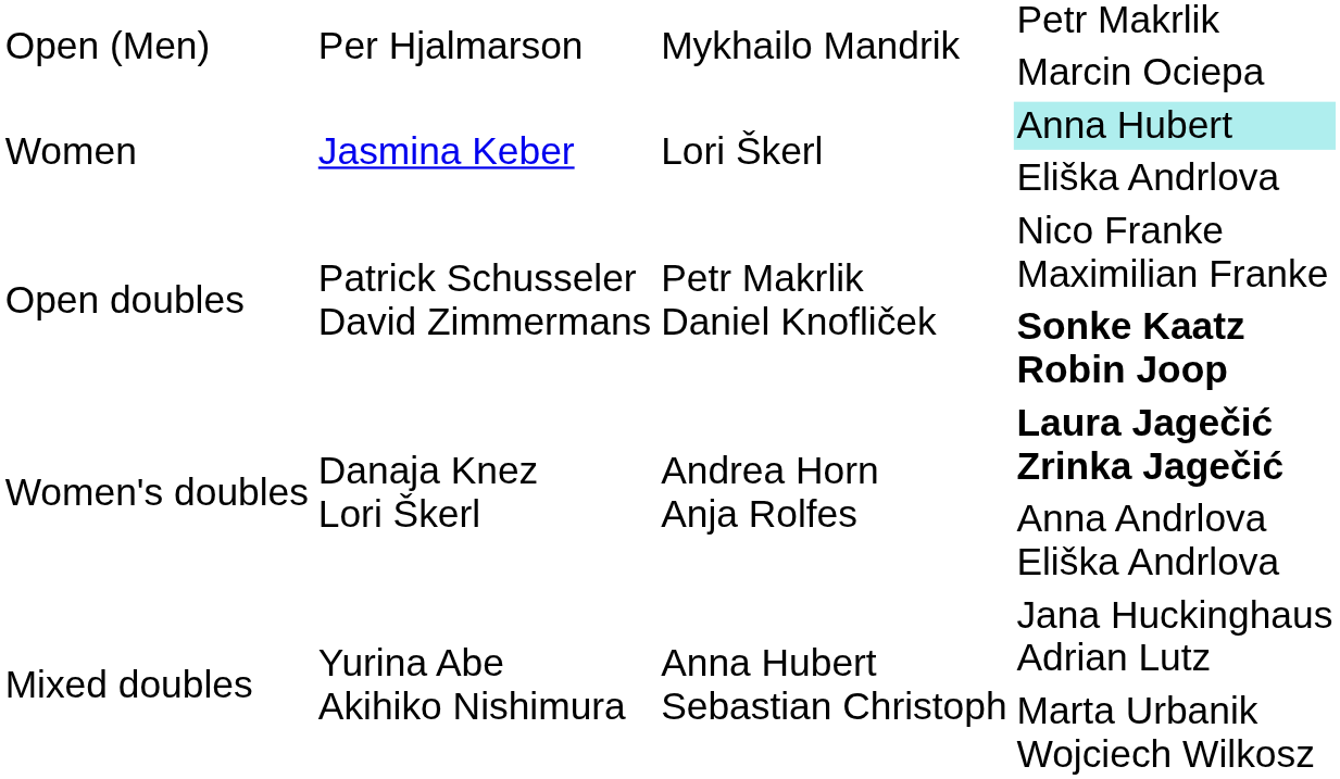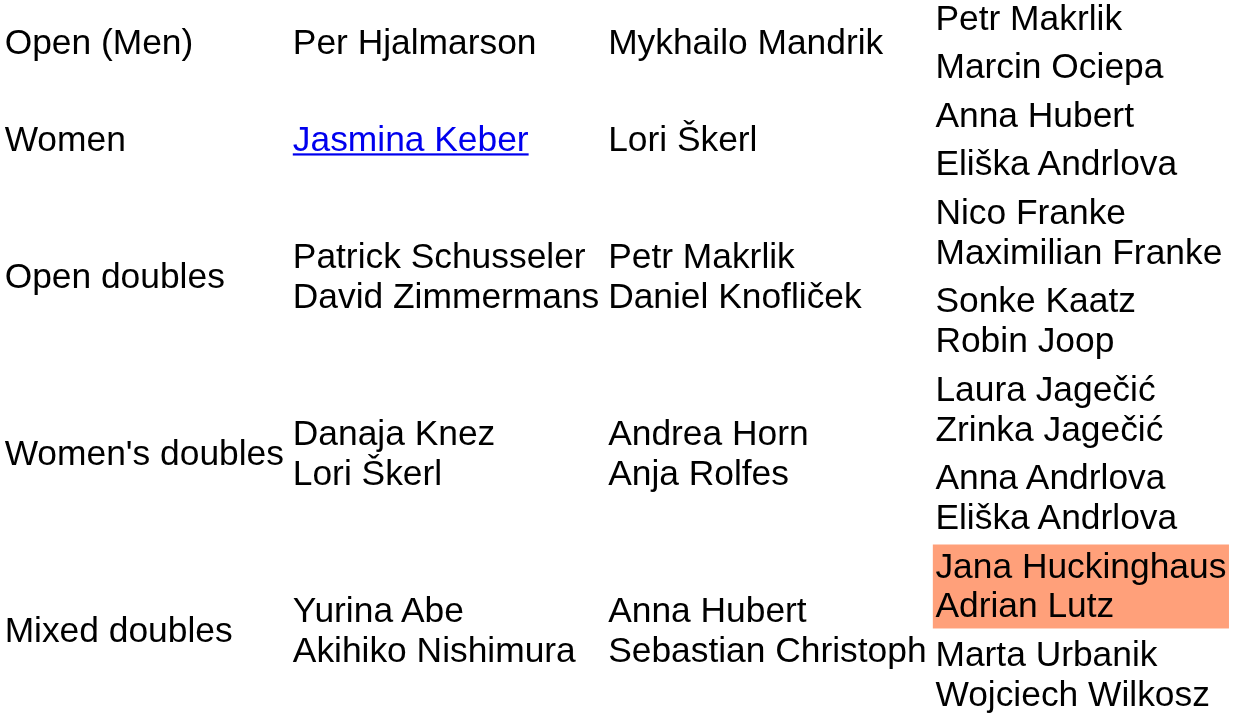 <table>
 <tr>
 <td rowspan="2">Open (Men)<br></td>
 <td rowspan="2"> Per Hjalmarson</td>
 <td rowspan="2"> Mykhailo Mandrik</td>
 <td> Petr Makrlik</td>
 </tr>
 <tr>
 <td> Marcin Ociepa</td>
 </tr>
 <tr>
 <td rowspan="2">Women<br></td>
 <td rowspan="2"> <a href='#'>Jasmina Keber</a></td>
 <td rowspan="2"> Lori Škerl</td>
-<td style="background: paleturquoise;"> Anna Hubert</td>
+<td> Anna Hubert</td>
 </tr>
 <tr>
 <td> Eliška Andrlova</td>
 </tr>
 <tr>
 <td rowspan="2">Open doubles<br></td>
 <td rowspan="2"> Patrick Schusseler<br> David Zimmermans</td>
 <td rowspan="2"> Petr Makrlik<br> Daniel Knofliček</td>
 <td> Nico Franke<br> Maximilian Franke</td>
 </tr>
 <tr>
-<td><strong> Sonke Kaatz<br> Robin Joop</strong></td>
+<td> Sonke Kaatz<br> Robin Joop</td>
 </tr>
 <tr>
 <td rowspan="2">Women's doubles<br></td>
 <td rowspan="2"> Danaja Knez<br> Lori Škerl</td>
 <td rowspan="2"> Andrea Horn<br> Anja Rolfes</td>
-<td><strong> Laura Jagečić<br> Zrinka Jagečić</strong></td>
+<td> Laura Jagečić<br> Zrinka Jagečić</td>
 </tr>
 <tr>
 <td> Anna Andrlova<br> Eliška Andrlova</td>
 </tr>
 <tr>
 <td rowspan="2">Mixed doubles<br></td>
 <td rowspan="2"> Yurina Abe<br> Akihiko Nishimura</td>
 <td rowspan="2"> Anna Hubert<br> Sebastian Christoph</td>
-<td> Jana Huckinghaus<br> Adrian Lutz</td>
+<td style="background: lightsalmon;"> Jana Huckinghaus<br> Adrian Lutz</td>
 </tr>
 <tr>
 <td> Marta Urbanik<br> Wojciech Wilkosz</td>
 </tr>
 </table>
